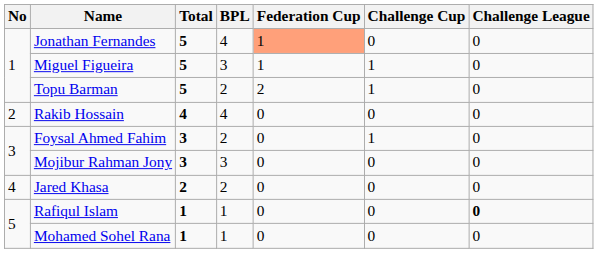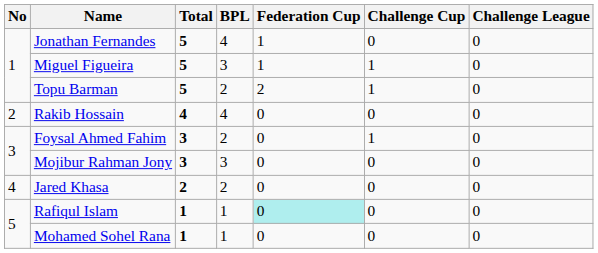 <table class="wikitable">
 <tr>
 <th>No</th>
 <th>Name</th>
 <th>Total</th>
 <th>BPL</th>
 <th>Federation Cup</th>
 <th>Challenge Cup</th>
 <th>Challenge League</th>
 </tr>
 <tr>
 <td rowspan="3">1</td>
 <td> <a href='#'>Jonathan Fernandes</a></td>
 <td><strong>5</strong></td>
 <td>4</td>
-<td style="background: lightsalmon;">1</td>
+<td>1</td>
 <td>0</td>
 <td>0</td>
 </tr>
 <tr>
 <td> <a href='#'>Miguel Figueira</a></td>
 <td><strong>5</strong></td>
 <td>3</td>
 <td>1</td>
 <td>1</td>
 <td>0</td>
 </tr>
 <tr>
 <td> <a href='#'>Topu Barman</a></td>
 <td><strong>5</strong></td>
 <td>2</td>
 <td>2</td>
 <td>1</td>
 <td>0</td>
 </tr>
 <tr>
 <td>2</td>
 <td> <a href='#'>Rakib Hossain</a></td>
 <td><strong>4</strong></td>
 <td>4</td>
 <td>0</td>
 <td>0</td>
 <td>0</td>
 </tr>
 <tr>
 <td rowspan="2">3</td>
 <td> <a href='#'>Foysal Ahmed Fahim</a></td>
 <td><strong>3</strong></td>
 <td>2</td>
 <td>0</td>
 <td>1</td>
 <td>0</td>
 </tr>
 <tr>
 <td> <a href='#'>Mojibur Rahman Jony</a></td>
 <td><strong>3</strong></td>
 <td>3</td>
 <td>0</td>
 <td>0</td>
 <td>0</td>
 </tr>
 <tr>
 <td>4</td>
 <td> <a href='#'>Jared Khasa</a></td>
 <td><strong>2</strong></td>
 <td>2</td>
 <td>0</td>
 <td>0</td>
 <td>0</td>
 </tr>
 <tr>
 <td rowspan="2">5</td>
 <td> <a href='#'>Rafiqul Islam</a></td>
 <td><strong>1</strong></td>
 <td>1</td>
+<td style="background: paleturquoise;">0</td>
 <td>0</td>
 <td>0</td>
-<td><strong>0</strong></td>
 </tr>
 <tr>
 <td> <a href='#'>Mohamed Sohel Rana</a></td>
 <td><strong>1</strong></td>
 <td>1</td>
 <td>0</td>
 <td>0</td>
 <td>0</td>
 </tr>
 </table>
